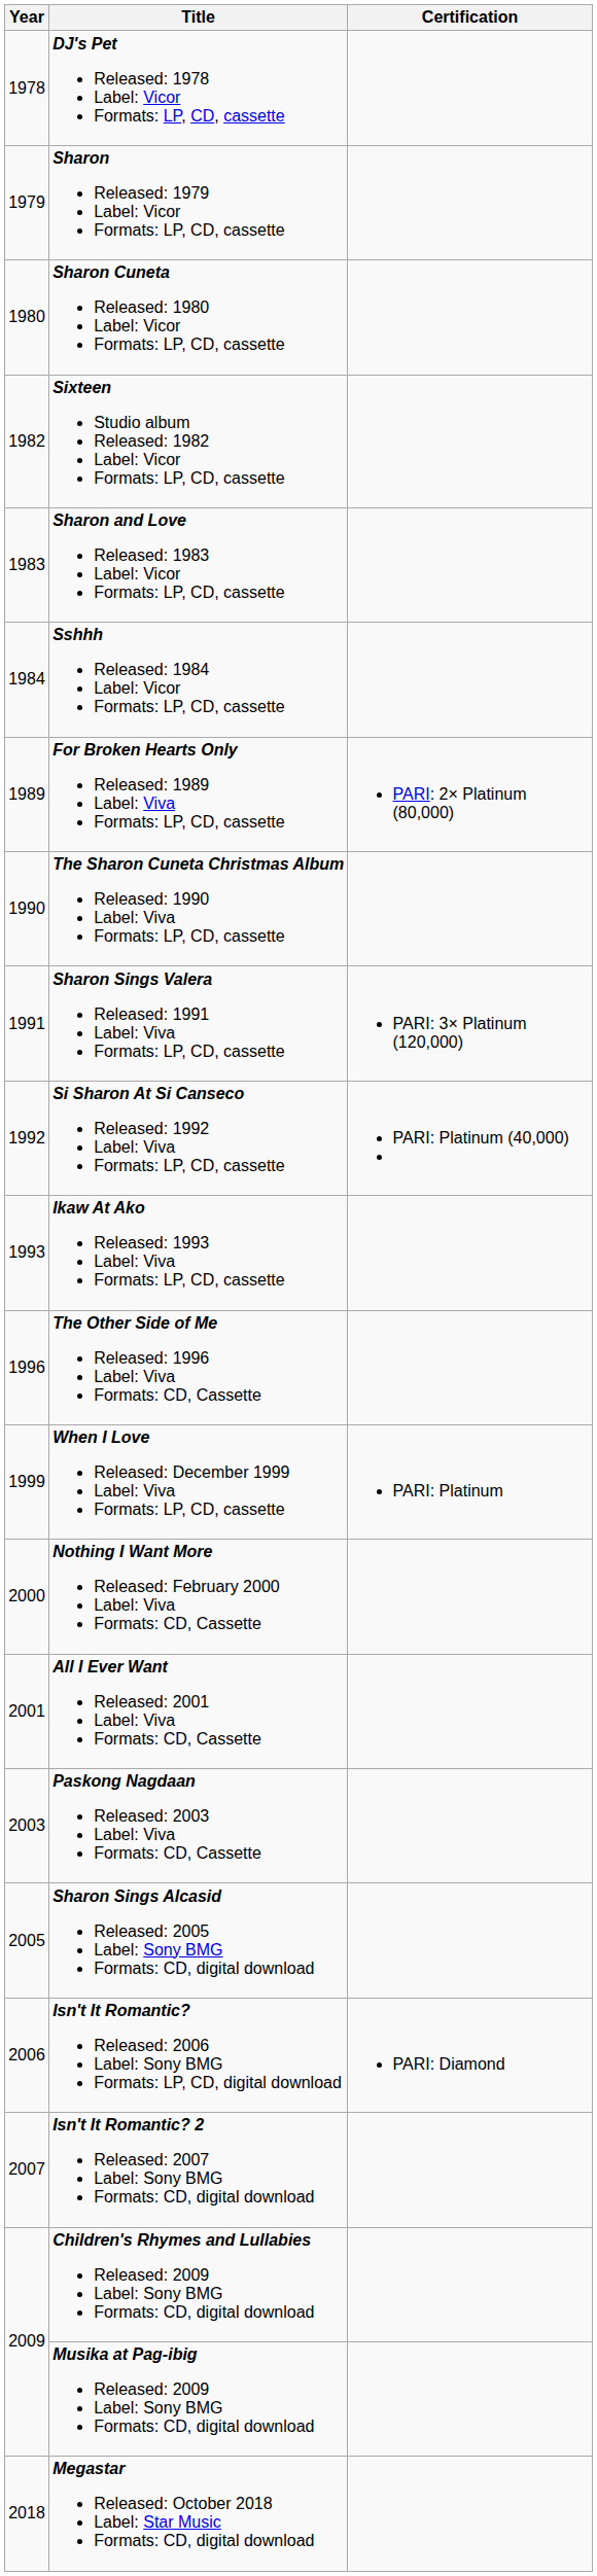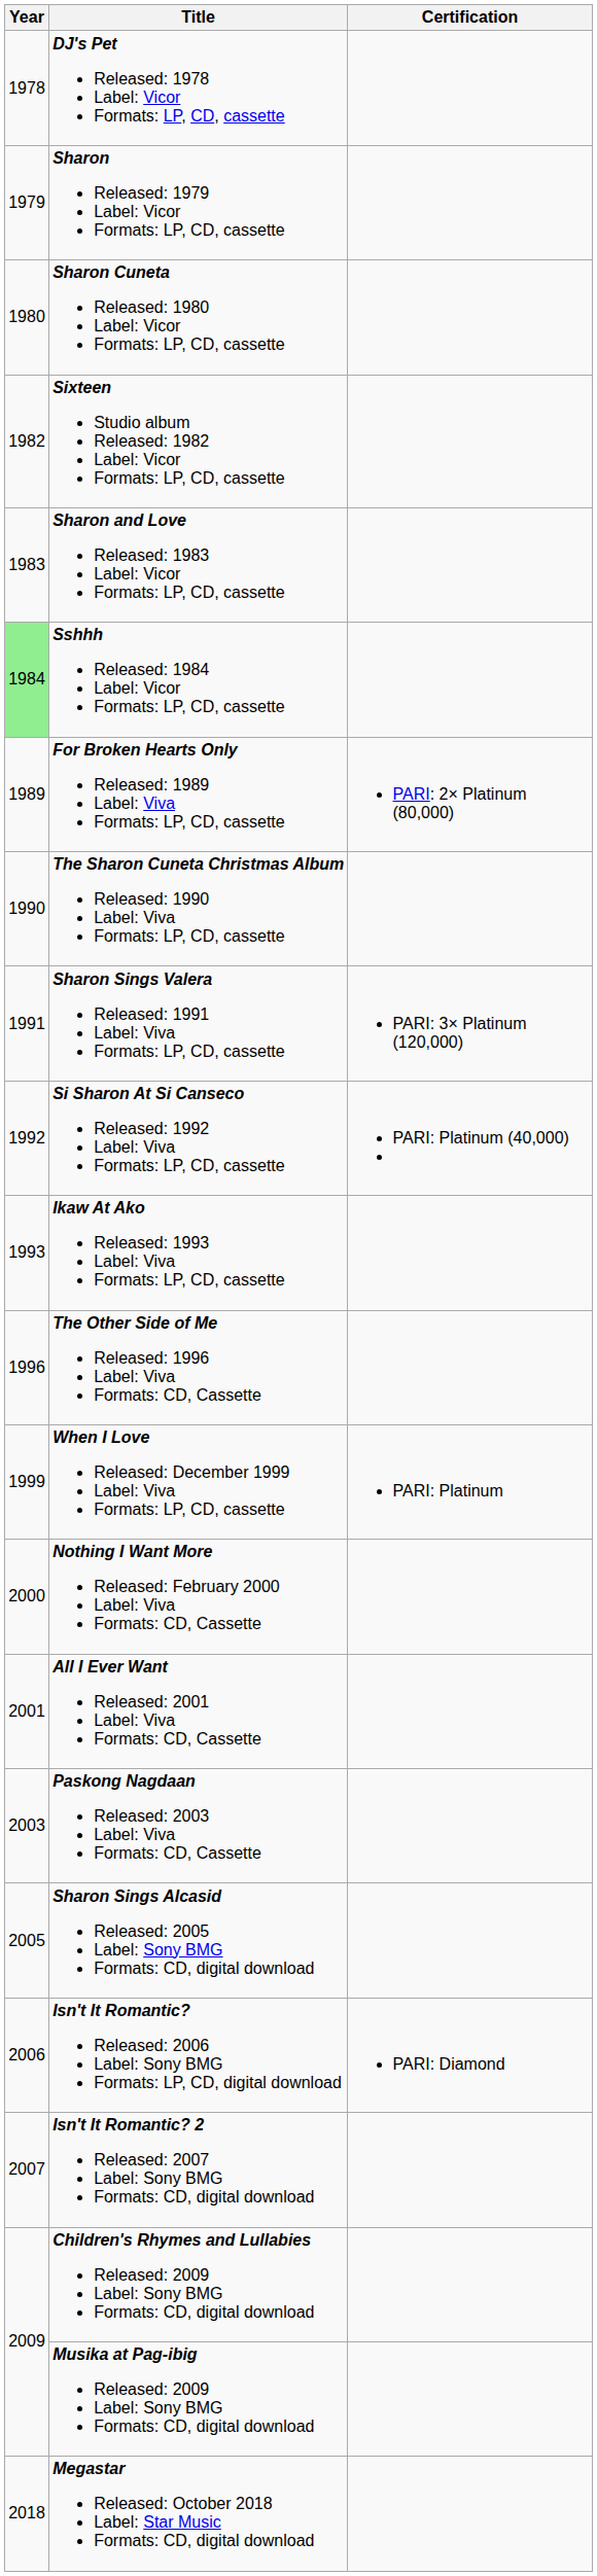 <table class="wikitable">
 <tr>
 <th>Year</th>
 <th>Title</th>
 <th width=230>Certification</th>
 </tr>
 <tr>
 <td>1978</td>
 <td><strong><em>DJ's Pet</em></strong><br><ul><li>Released: 1978</li><li>Label: <a href='#'>Vicor</a></li><li>Formats: <a href='#'>LP</a>, <a href='#'>CD</a>, <a href='#'>cassette</a></li></ul></td>
 <td></td>
 </tr>
 <tr>
 <td>1979</td>
 <td><strong><em>Sharon</em></strong><br><ul><li>Released: 1979</li><li>Label: Vicor</li><li>Formats: LP, CD, cassette</li></ul></td>
 <td></td>
 </tr>
 <tr>
 <td>1980</td>
 <td><strong><em>Sharon Cuneta</em></strong><br><ul><li>Released: 1980</li><li>Label: Vicor</li><li>Formats: LP, CD, cassette</li></ul></td>
 <td></td>
 </tr>
 <tr>
 <td>1982</td>
 <td><strong><em>Sixteen</em></strong><br><ul><li>Studio album</li><li>Released: 1982</li><li>Label: Vicor</li><li>Formats: LP, CD, cassette</li></ul></td>
 <td></td>
 </tr>
 <tr>
 <td>1983</td>
 <td><strong><em>Sharon and Love</em></strong><br><ul><li>Released: 1983</li><li>Label: Vicor</li><li>Formats: LP, CD, cassette</li></ul></td>
 <td></td>
 </tr>
 <tr>
-<td>1984</td>
+<td style="background: lightgreen;">1984</td>
 <td><strong><em>Sshhh</em></strong><br><ul><li>Released: 1984</li><li>Label: Vicor</li><li>Formats: LP, CD, cassette</li></ul></td>
 <td></td>
 </tr>
 <tr>
 <td>1989</td>
 <td><strong><em>For Broken Hearts Only</em></strong><br><ul><li>Released: 1989</li><li>Label: <a href='#'>Viva</a></li><li>Formats: LP, CD, cassette</li></ul></td>
 <td><br><ul><li><a href='#'>PARI</a>: 2× Platinum (80,000)</li></ul></td>
 </tr>
 <tr>
 <td>1990</td>
 <td><strong><em>The Sharon Cuneta Christmas Album</em></strong><br><ul><li>Released: 1990</li><li>Label: Viva</li><li>Formats: LP, CD, cassette</li></ul></td>
 </tr>
 <tr>
 <td>1991</td>
 <td><strong><em>Sharon Sings Valera</em></strong><br><ul><li>Released: 1991</li><li>Label: Viva</li><li>Formats: LP, CD, cassette</li></ul></td>
 <td><br><ul><li>PARI: 3× Platinum (120,000)</li></ul></td>
 </tr>
 <tr>
 <td>1992</td>
 <td><strong><em>Si Sharon At Si Canseco</em></strong><br><ul><li>Released: 1992</li><li>Label: Viva</li><li>Formats: LP, CD, cassette</li></ul></td>
 <td><br><ul><li>PARI: Platinum (40,000)</li><li></li></ul></td>
 </tr>
 <tr>
 <td>1993</td>
 <td><strong><em>Ikaw At Ako</em></strong><br><ul><li>Released: 1993</li><li>Label: Viva</li><li>Formats: LP, CD, cassette</li></ul></td>
 <td></td>
 </tr>
 <tr>
 <td>1996</td>
 <td><strong><em>The Other Side of Me</em></strong><br><ul><li>Released: 1996</li><li>Label: Viva</li><li>Formats: CD, Cassette</li></ul></td>
 <td></td>
 </tr>
 <tr>
 <td>1999</td>
 <td><strong><em>When I Love</em></strong><br><ul><li>Released: December 1999</li><li>Label: Viva</li><li>Formats: LP, CD, cassette</li></ul></td>
 <td><br><ul><li>PARI: Platinum</li></ul></td>
 </tr>
 <tr>
 <td>2000</td>
 <td><strong><em>Nothing I Want More</em></strong><br><ul><li>Released: February 2000</li><li>Label: Viva</li><li>Formats: CD, Cassette</li></ul></td>
 <td></td>
 </tr>
 <tr>
 <td>2001</td>
 <td><strong><em>All I Ever Want</em></strong><br><ul><li>Released: 2001</li><li>Label: Viva</li><li>Formats: CD, Cassette</li></ul></td>
 <td></td>
 </tr>
 <tr>
 <td>2003</td>
 <td><strong><em>Paskong Nagdaan</em></strong><br><ul><li>Released: 2003</li><li>Label: Viva</li><li>Formats: CD, Cassette</li></ul></td>
 <td></td>
 </tr>
 <tr>
 <td>2005</td>
 <td><strong><em>Sharon Sings Alcasid</em></strong><br><ul><li>Released: 2005</li><li>Label: <a href='#'>Sony BMG</a></li><li>Formats: CD, digital download</li></ul></td>
 <td></td>
 </tr>
 <tr>
 <td>2006</td>
 <td><strong><em>Isn't It Romantic?</em></strong><br><ul><li>Released: 2006</li><li>Label: Sony BMG</li><li>Formats: LP, CD, digital download</li></ul></td>
 <td><br><ul><li>PARI: Diamond</li></ul></td>
 </tr>
 <tr>
 <td>2007</td>
 <td><strong><em>Isn't It Romantic? 2</em></strong><br><ul><li>Released: 2007</li><li>Label: Sony BMG</li><li>Formats: CD, digital download</li></ul></td>
 <td></td>
 </tr>
 <tr>
 <td rowspan="2">2009</td>
 <td><strong><em>Children's Rhymes and Lullabies</em></strong><br><ul><li>Released: 2009</li><li>Label: Sony BMG</li><li>Formats: CD, digital download</li></ul></td>
 <td></td>
 </tr>
 <tr>
 <td><strong><em>Musika at Pag-ibig</em></strong><br><ul><li>Released: 2009</li><li>Label: Sony BMG</li><li>Formats: CD, digital download</li></ul></td>
 <td></td>
 </tr>
 <tr>
 <td>2018</td>
 <td><strong><em>Megastar</em></strong><br><ul><li>Released: October 2018</li><li>Label: <a href='#'>Star Music</a></li><li>Formats: CD, digital download</li></ul></td>
 <td></td>
 </tr>
 <tr>
 </tr>
 </table>
